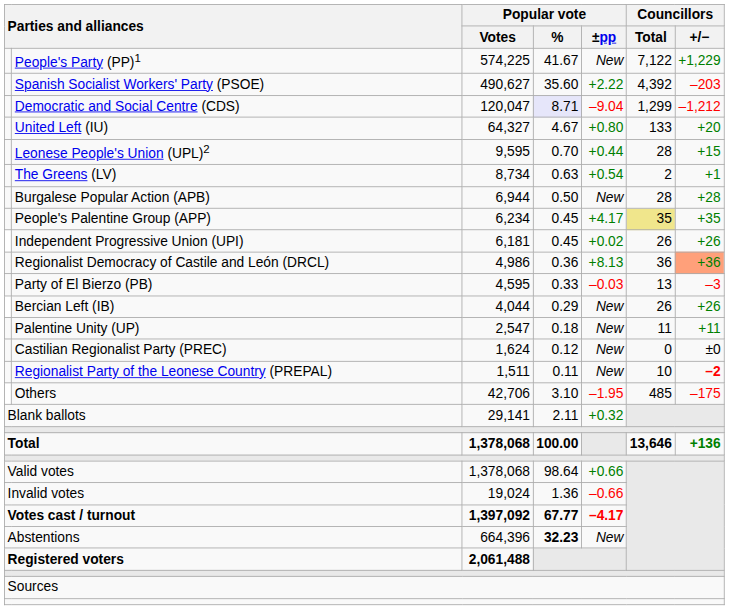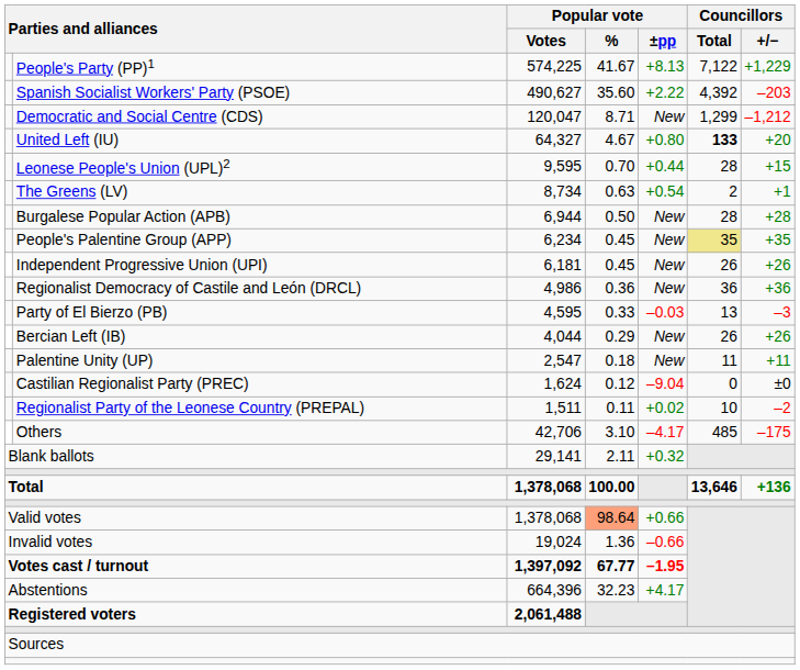 <table class="wikitable" style="text-align:right;">
 <tr>
 <th style="text-align:left;" rowspan="2" colspan="2" width="525">Parties and alliances</th>
 <th colspan="3">Popular vote</th>
 <th colspan="2">Councillors</th>
 </tr>
 <tr>
 <th width="75">Votes</th>
 <th width="45">%</th>
 <th width="45">±<a href='#'>pp</a></th>
 <th width="45">Total</th>
 <th width="45">+/−</th>
 </tr>
 <tr>
 <td width="1" style="color:inherit;background:"></td>
 <td align="left"><a href='#'>People's Party</a> (PP)<sup>1</sup></td>
 <td>574,225</td>
 <td>41.67</td>
-<td><em>New</em></td>
+<td style="color:green;">+8.13</td>
 <td>7,122</td>
 <td style="color:green;">+1,229</td>
 </tr>
 <tr>
 <td width="1" style="color:inherit;background:"></td>
 <td align="left"><a href='#'>Spanish Socialist Workers' Party</a> (PSOE)</td>
 <td>490,627</td>
 <td>35.60</td>
 <td style="color:green;">+2.22</td>
 <td>4,392</td>
 <td style="color:red;">–203</td>
 </tr>
 <tr>
 <td style="color:inherit;background:"></td>
 <td align="left"><a href='#'>Democratic and Social Centre</a> (CDS)</td>
 <td>120,047</td>
-<td style="background: lavender;">8.71</td>
-<td style="color:red;">–9.04</td>
+<td>8.71</td>
+<td><em>New</em></td>
 <td>1,299</td>
 <td style="color:red;">–1,212</td>
 </tr>
 <tr>
 <td style="color:inherit;background:"></td>
 <td align="left"><a href='#'>United Left</a> (IU)</td>
 <td>64,327</td>
 <td>4.67</td>
 <td style="color:green;">+0.80</td>
-<td>133</td>
+<td><strong>133</strong></td>
 <td style="color:green;">+20</td>
 </tr>
 <tr>
 <td style="color:inherit;background:"></td>
 <td align="left"><a href='#'>Leonese People's Union</a> (UPL)<sup>2</sup></td>
 <td>9,595</td>
 <td>0.70</td>
 <td style="color:green;">+0.44</td>
 <td>28</td>
 <td style="color:green;">+15</td>
 </tr>
 <tr>
 <td style="color:inherit;background:"></td>
 <td align="left"><a href='#'>The Greens</a> (LV)</td>
 <td>8,734</td>
 <td>0.63</td>
 <td style="color:green;">+0.54</td>
 <td>2</td>
 <td style="color:green;">+1</td>
 </tr>
 <tr>
 <td style="color:inherit;background:"></td>
 <td align="left">Burgalese Popular Action (APB)</td>
 <td>6,944</td>
 <td>0.50</td>
 <td><em>New</em></td>
 <td>28</td>
 <td style="color:green;">+28</td>
 </tr>
 <tr>
 <td style="color:inherit;background:"></td>
 <td align="left">People's Palentine Group (APP)</td>
 <td>6,234</td>
 <td>0.45</td>
-<td style="color:green;">+4.17</td>
+<td><em>New</em></td>
 <td style="background: khaki;">35</td>
 <td style="color:green;">+35</td>
 </tr>
 <tr>
 <td bgcolor="white"></td>
 <td align="left">Independent Progressive Union (UPI)</td>
 <td>6,181</td>
 <td>0.45</td>
-<td style="color:green;">+0.02</td>
+<td><em>New</em></td>
 <td>26</td>
 <td style="color:green;">+26</td>
 </tr>
 <tr>
 <td style="color:inherit;background:"></td>
 <td align="left">Regionalist Democracy of Castile and León (DRCL)</td>
 <td>4,986</td>
 <td>0.36</td>
-<td style="color:green;">+8.13</td>
+<td><em>New</em></td>
 <td>36</td>
-<td style="background: lightsalmon; color:green;">+36</td>
+<td style="color:green;">+36</td>
 </tr>
 <tr>
 <td style="color:inherit;background:"></td>
 <td align="left">Party of El Bierzo (PB)</td>
 <td>4,595</td>
 <td>0.33</td>
 <td style="color:red;">–0.03</td>
 <td>13</td>
 <td style="color:red;">–3</td>
 </tr>
 <tr>
 <td bgcolor="white"></td>
 <td align="left">Bercian Left (IB)</td>
 <td>4,044</td>
 <td>0.29</td>
 <td><em>New</em></td>
 <td>26</td>
 <td style="color:green;">+26</td>
 </tr>
 <tr>
 <td style="color:inherit;background:"></td>
 <td align="left">Palentine Unity (UP)</td>
 <td>2,547</td>
 <td>0.18</td>
 <td><em>New</em></td>
 <td>11</td>
 <td style="color:green;">+11</td>
 </tr>
 <tr>
 <td style="color:inherit;background:"></td>
 <td align="left">Castilian Regionalist Party (PREC)</td>
 <td>1,624</td>
 <td>0.12</td>
-<td><em>New</em></td>
+<td style="color:red;">–9.04</td>
 <td>0</td>
 <td>±0</td>
 </tr>
 <tr>
 <td style="color:inherit;background:"></td>
 <td align="left"><a href='#'>Regionalist Party of the Leonese Country</a> (PREPAL)</td>
 <td>1,511</td>
 <td>0.11</td>
-<td><em>New</em></td>
+<td style="color:green;">+0.02</td>
 <td>10</td>
-<td style="color:red;"><strong>–2</strong></td>
+<td style="color:red;">–2</td>
 </tr>
 <tr>
 <td bgcolor="white"></td>
 <td align="left">Others</td>
 <td>42,706</td>
 <td>3.10</td>
-<td style="color:red;">–1.95</td>
+<td style="color:red;">–4.17</td>
 <td>485</td>
 <td style="color:red;">–175</td>
 </tr>
 <tr>
 <td align="left" colspan="2">Blank ballots</td>
 <td>29,141</td>
 <td>2.11</td>
 <td style="color:green;">+0.32</td>
 <td bgcolor="#E9E9E9" colspan="2"></td>
 </tr>
 <tr>
 <td colspan="7" bgcolor="#E9E9E9"></td>
 </tr>
 <tr style="font-weight:bold;">
 <td align="left" colspan="2">Total</td>
 <td>1,378,068</td>
 <td>100.00</td>
 <td bgcolor="#E9E9E9"></td>
 <td>13,646</td>
 <td style="color:green;">+136</td>
 </tr>
 <tr>
 <td colspan="7" bgcolor="#E9E9E9"></td>
 </tr>
 <tr>
 <td align="left" colspan="2">Valid votes</td>
 <td>1,378,068</td>
-<td>98.64</td>
+<td style="background: lightsalmon;">98.64</td>
 <td style="color:green;">+0.66</td>
 <td bgcolor="#E9E9E9" colspan="2" rowspan="5"></td>
 </tr>
 <tr>
 <td align="left" colspan="2">Invalid votes</td>
 <td>19,024</td>
 <td>1.36</td>
 <td style="color:red;">–0.66</td>
 </tr>
 <tr style="font-weight:bold;">
 <td align="left" colspan="2">Votes cast / turnout</td>
 <td>1,397,092</td>
 <td>67.77</td>
-<td style="color:red;">–4.17</td>
+<td style="color:red;">–1.95</td>
 </tr>
 <tr>
 <td align="left" colspan="2">Abstentions</td>
 <td>664,396</td>
-<td><strong>32.23</strong></td>
-<td><em>New</em></td>
+<td>32.23</td>
+<td style="color:green;">+4.17</td>
 </tr>
 <tr style="font-weight:bold;">
 <td align="left" colspan="2">Registered voters</td>
 <td>2,061,488</td>
 <td bgcolor="#E9E9E9" colspan="2"></td>
 </tr>
 <tr>
 <td colspan="7" bgcolor="#E9E9E9"></td>
 </tr>
 <tr>
 <td align="left" colspan="7">Sources</td>
 </tr>
 <tr>
 <td colspan="7" style="text-align:left; max-width:790px;"></td>
 </tr>
 </table>
